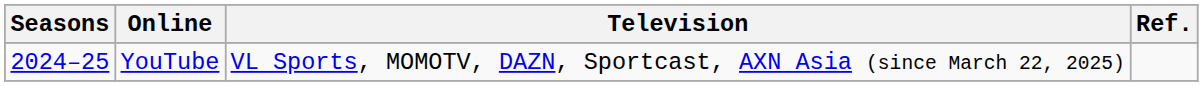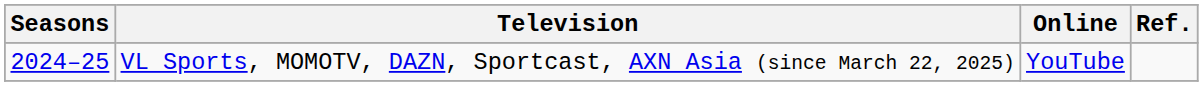 <table class="wikitable" style="text-align:left">
 <tr>
 <th>Seasons</th>
+<th>Television</th>
 <th>Online</th>
-<th>Television</th>
 <th>Ref.</th>
 </tr>
 <tr>
 <td><a href='#'>2024–25</a></td>
+<td><a href='#'>VL Sports</a>, MOMOTV, <a href='#'>DAZN</a>, Sportcast, <a href='#'>AXN Asia</a> <small>(since March 22, 2025)</small></td>
 <td><a href='#'>YouTube</a></td>
-<td><a href='#'>VL Sports</a>, MOMOTV, <a href='#'>DAZN</a>, Sportcast, <a href='#'>AXN Asia</a> <small>(since March 22, 2025)</small></td>
 <td></td>
 </tr>
 </table>
